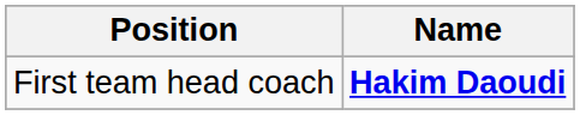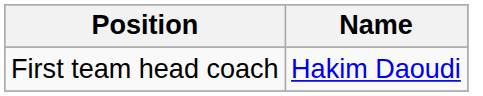 <table class="wikitable" style="text-align:center;">
 <tr>
 <th>Position</th>
 <th>Name</th>
 </tr>
 <tr>
 <td style="text-align:left;">First team head coach</td>
-<td style="text-align:left;"><strong> <a href='#'>Hakim Daoudi</a></strong></td>
+<td style="text-align:left;"> <a href='#'>Hakim Daoudi</a></td>
 </tr>
 </table>
